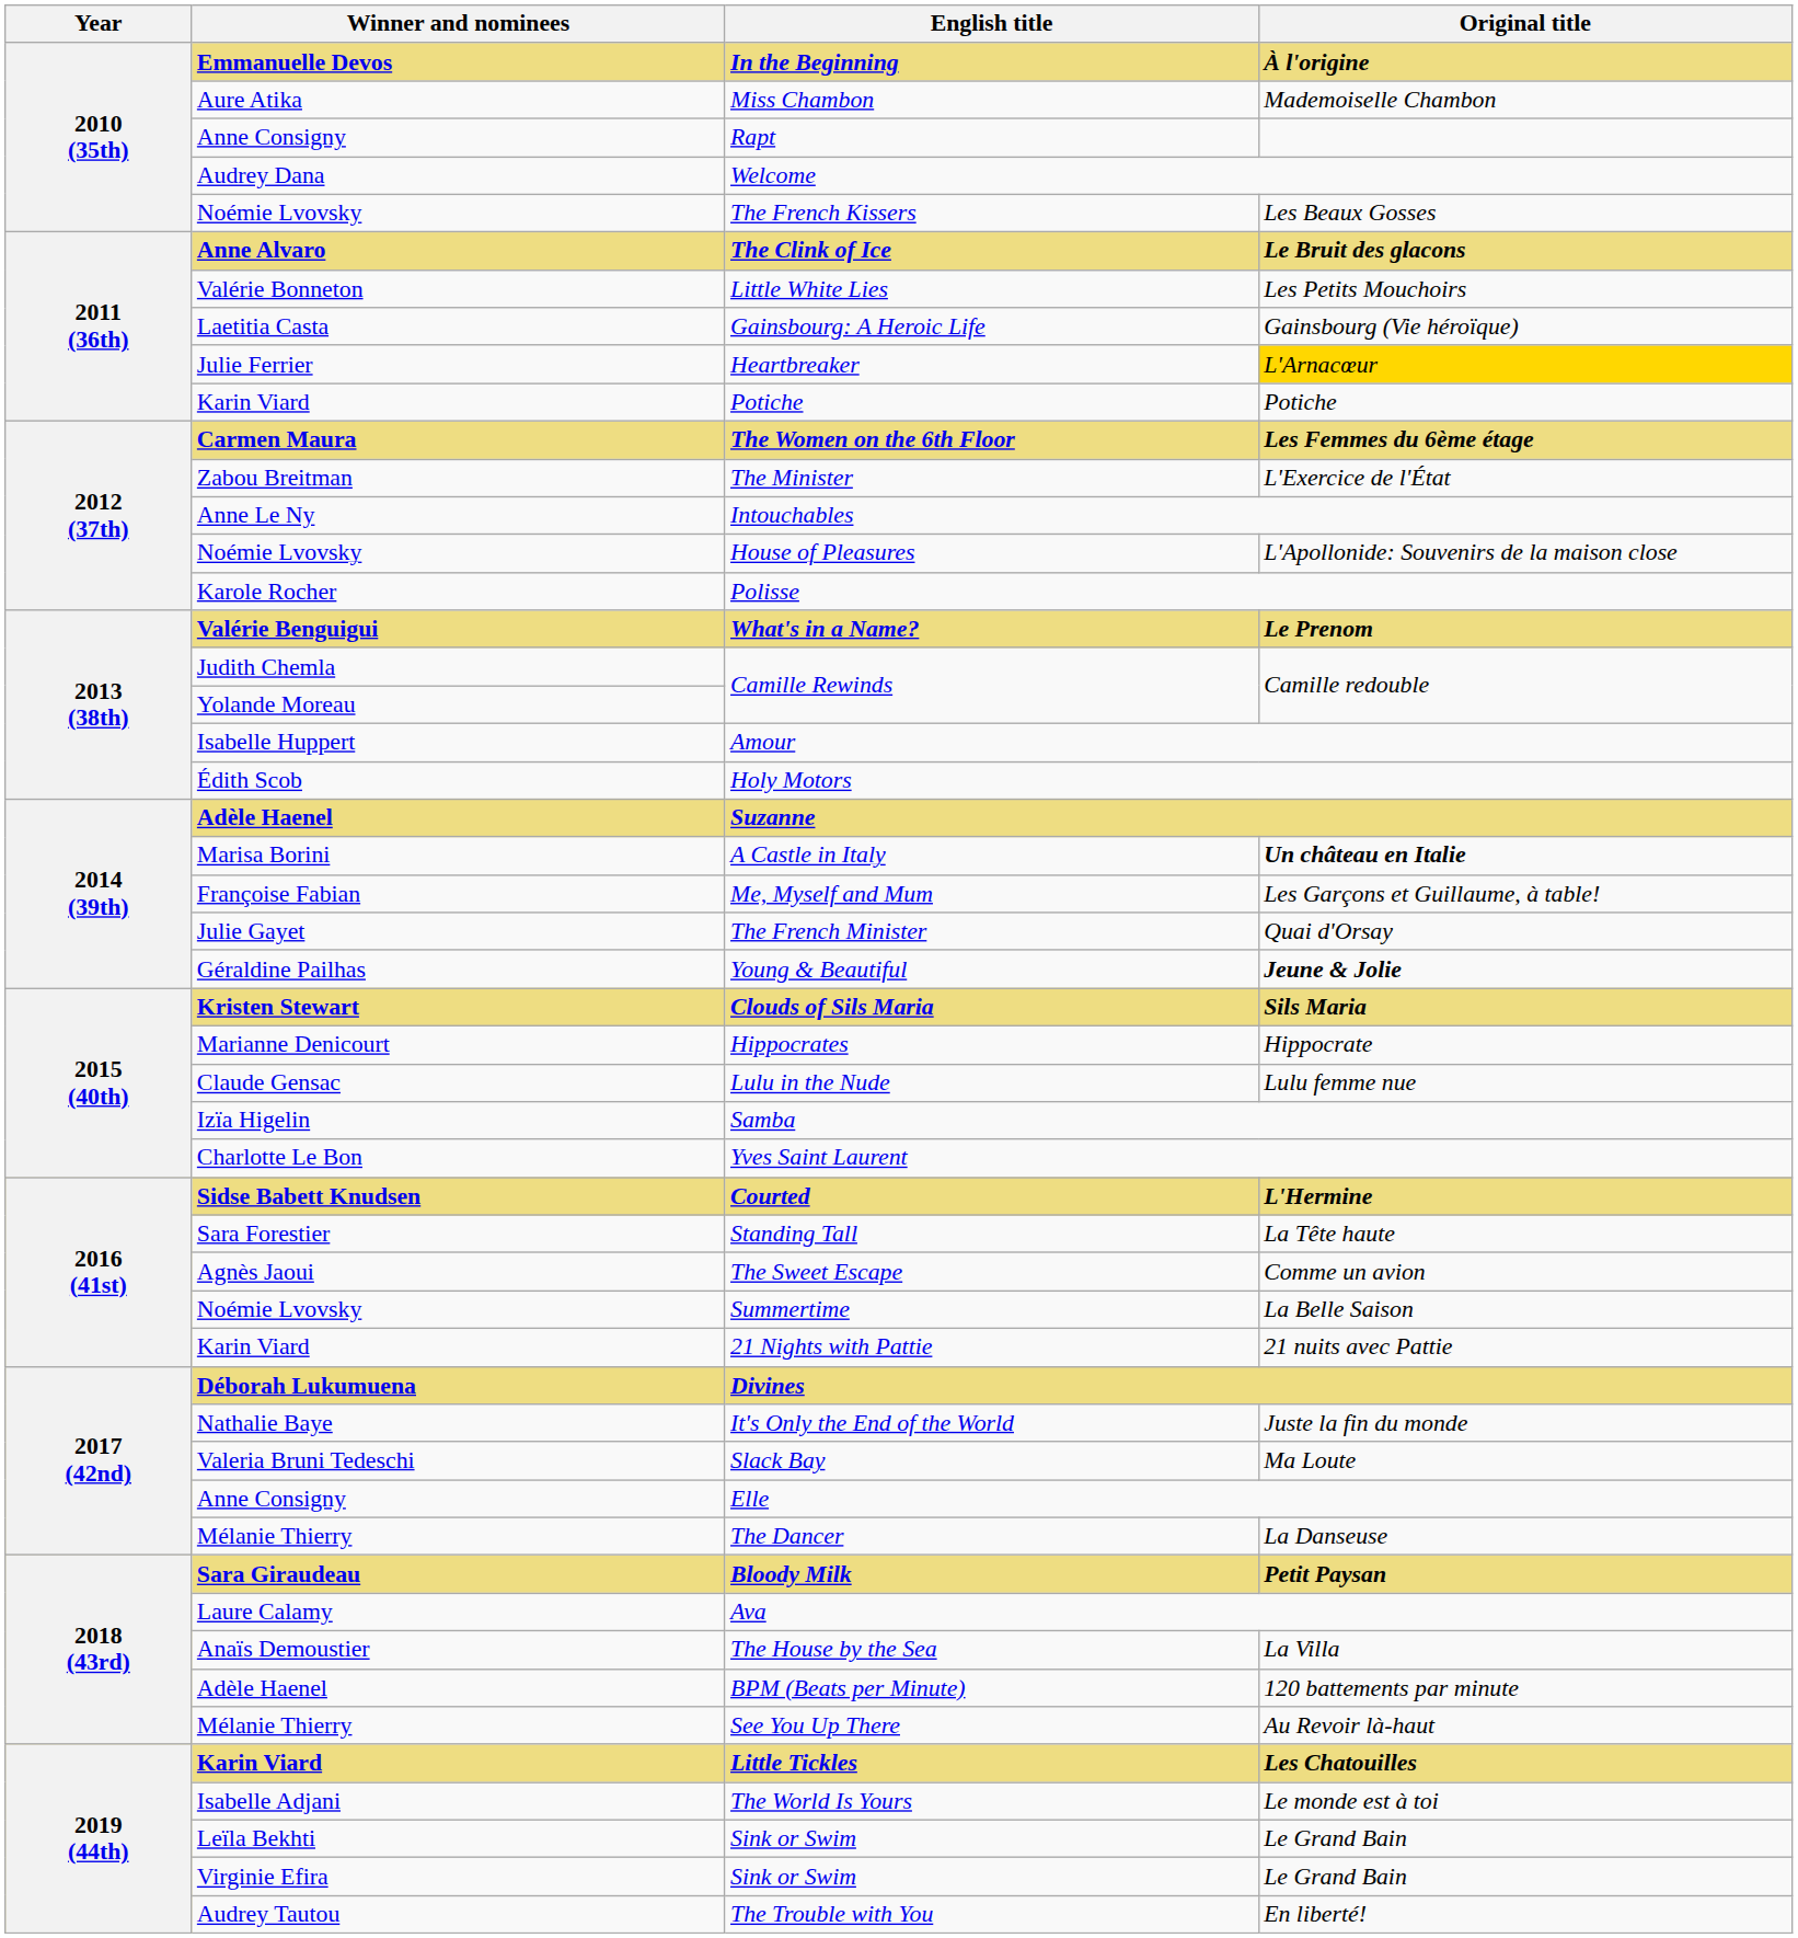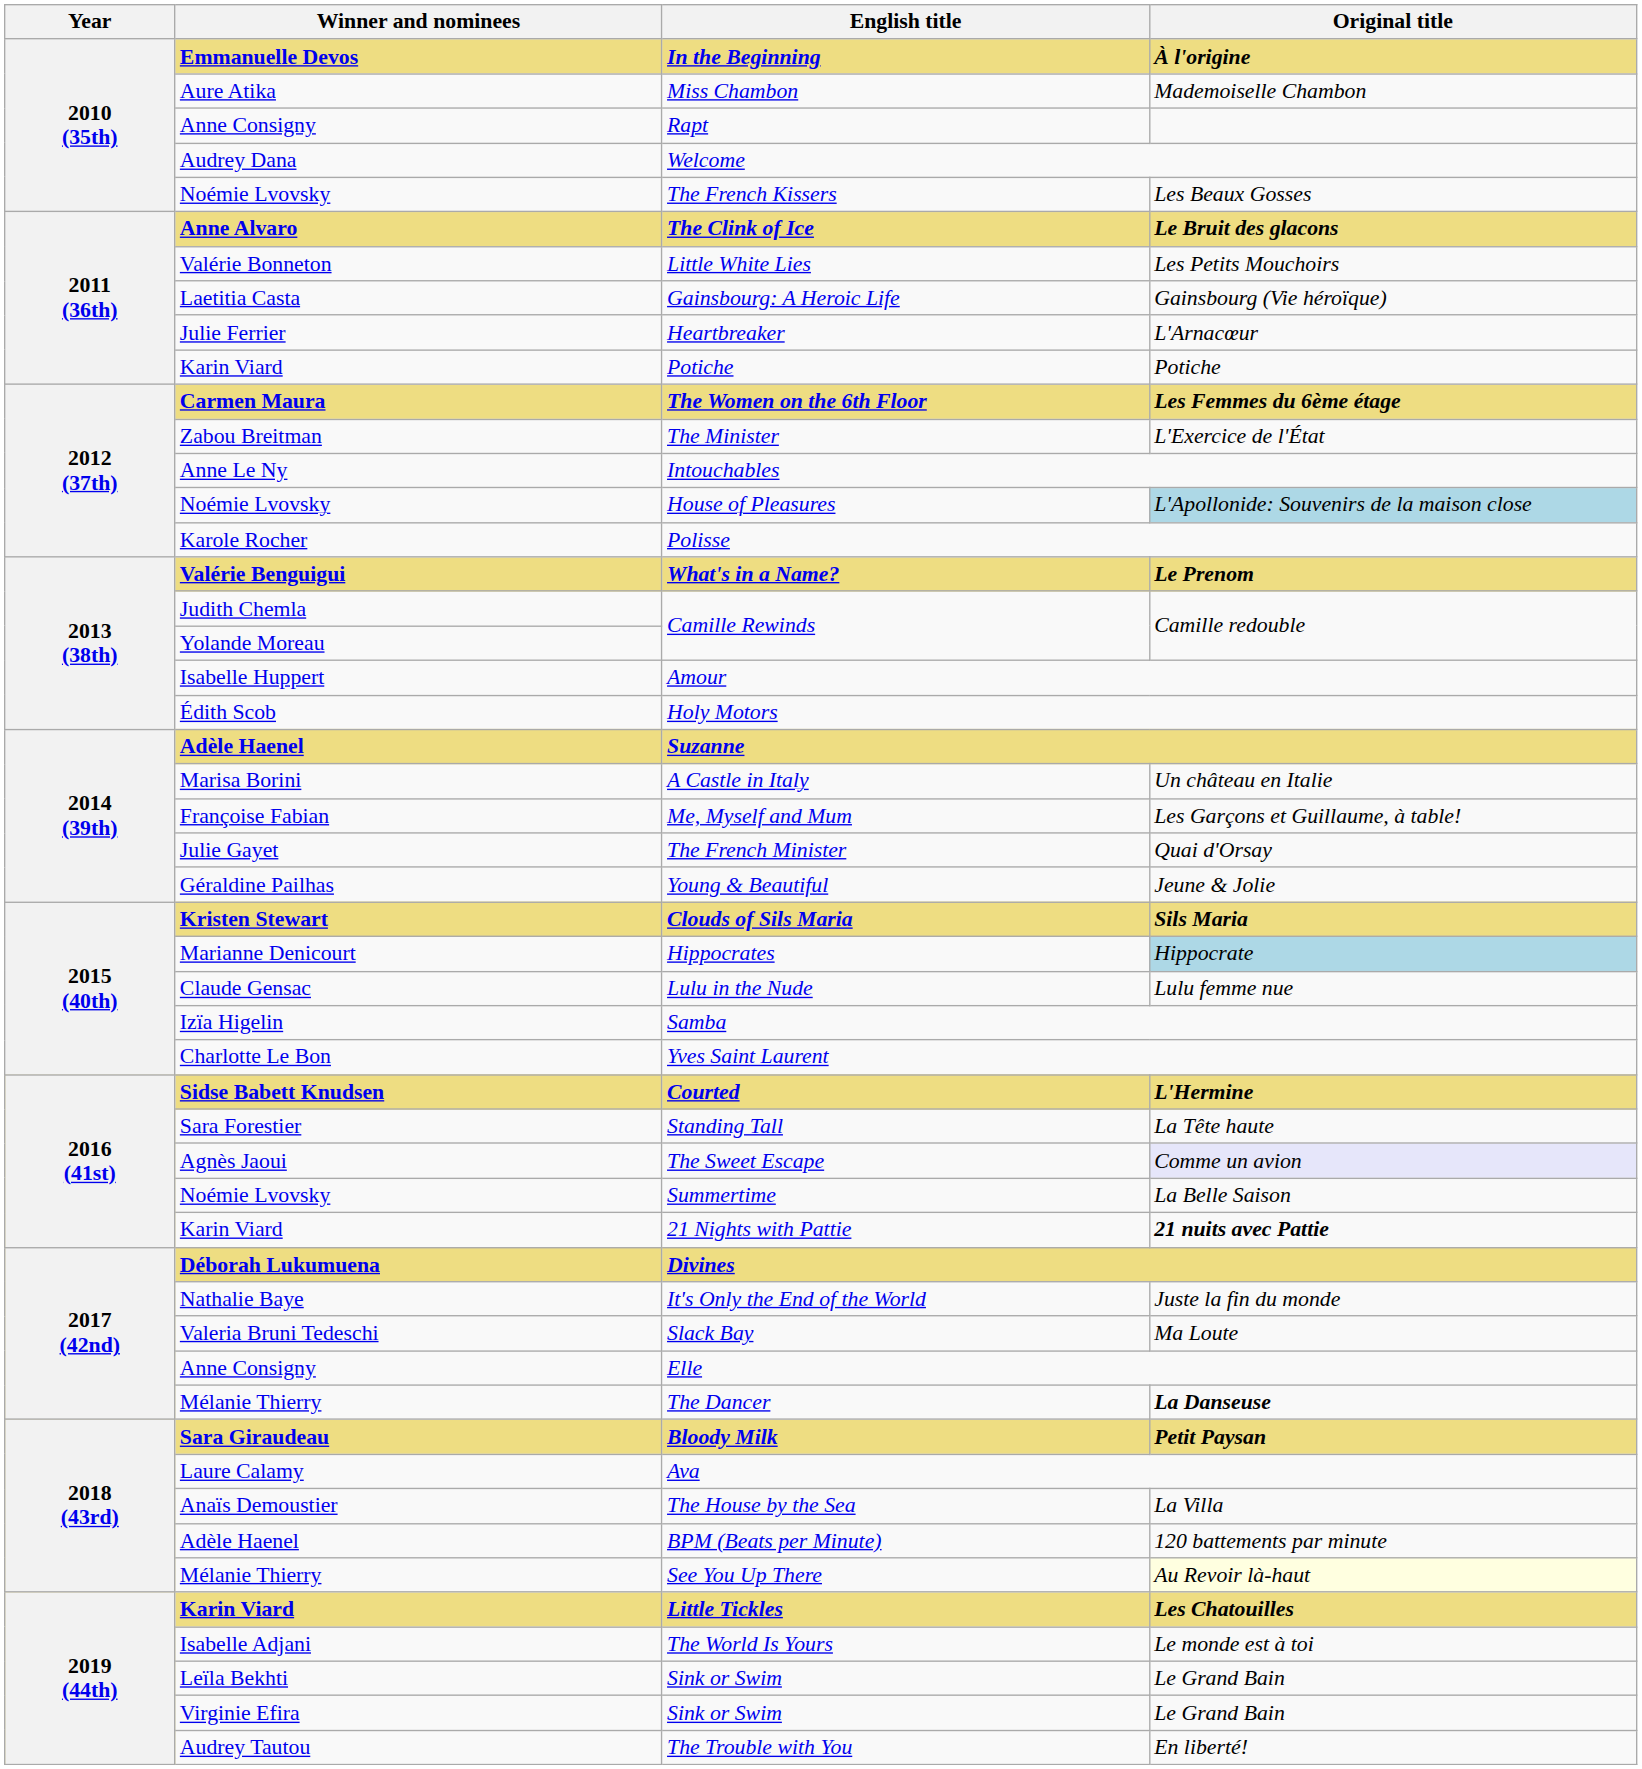 <table class="wikitable" width="95%" cellpadding="5">
 <tr>
 <th width="100">Year</th>
 <th width="300">Winner and nominees</th>
 <th width="300">English title</th>
 <th width="300">Original title</th>
 </tr>
 <tr>
 <th rowspan="5" style="text-align:center;">2010<br><a href='#'>(35th)</a></th>
 <td style="background:#eedd82;"><strong><a href='#'>Emmanuelle Devos</a></strong></td>
 <td style="background:#eedd82;"><em><a href='#'><strong>In the Beginning</strong></a></em></td>
 <td style="background:#eedd82;"><strong><em>À l'origine</em></strong></td>
 </tr>
 <tr>
 <td><a href='#'>Aure Atika</a></td>
 <td><em><a href='#'>Miss Chambon</a></em></td>
 <td><em>Mademoiselle Chambon</em></td>
 </tr>
 <tr>
 <td><a href='#'>Anne Consigny</a></td>
 <td><em><a href='#'>Rapt</a></em></td>
 <td></td>
 </tr>
 <tr>
 <td><a href='#'>Audrey Dana</a></td>
 <td colspan="2"><em><a href='#'>Welcome</a></em></td>
 </tr>
 <tr>
 <td><a href='#'>Noémie Lvovsky</a></td>
 <td><em><a href='#'>The French Kissers</a></em></td>
 <td><em>Les Beaux Gosses</em></td>
 </tr>
 <tr>
 <th rowspan="5" style="text-align:center;">2011<br><a href='#'>(36th)</a></th>
 <td style="background:#eedd82;"><strong><a href='#'>Anne Alvaro</a></strong></td>
 <td style="background:#eedd82;"><strong><em><a href='#'>The Clink of Ice</a></em></strong></td>
 <td style="background:#eedd82;"><strong><em>Le Bruit des glacons</em></strong></td>
 </tr>
 <tr>
 <td><a href='#'>Valérie Bonneton</a></td>
 <td><em><a href='#'>Little White Lies</a></em></td>
 <td><em>Les Petits Mouchoirs</em></td>
 </tr>
 <tr>
 <td><a href='#'>Laetitia Casta</a></td>
 <td><em><a href='#'>Gainsbourg: A Heroic Life</a></em></td>
 <td><em>Gainsbourg (Vie héroïque)</em></td>
 </tr>
 <tr>
 <td><a href='#'>Julie Ferrier</a></td>
 <td><em><a href='#'>Heartbreaker</a></em></td>
-<td style="background: gold;"><em>L'Arnacœur</em></td>
+<td><em>L'Arnacœur</em></td>
 </tr>
 <tr>
 <td><a href='#'>Karin Viard</a></td>
 <td><em><a href='#'>Potiche</a></em></td>
 <td><em>Potiche</em></td>
 </tr>
 <tr>
 <th rowspan="5" style="text-align:center;">2012<br><a href='#'>(37th)</a></th>
 <td style="background:#eedd82;"><strong><a href='#'>Carmen Maura</a></strong></td>
 <td style="background:#eedd82;"><strong><em><a href='#'>The Women on the 6th Floor</a></em></strong></td>
 <td style="background:#eedd82;"><strong><em>Les Femmes du 6ème étage</em></strong></td>
 </tr>
 <tr>
 <td><a href='#'>Zabou Breitman</a></td>
 <td><em><a href='#'>The Minister</a></em></td>
 <td><em>L'Exercice de l'État</em></td>
 </tr>
 <tr>
 <td><a href='#'>Anne Le Ny</a></td>
 <td colspan="2"><em><a href='#'>Intouchables</a></em></td>
 </tr>
 <tr>
 <td><a href='#'>Noémie Lvovsky</a></td>
 <td><em><a href='#'>House of Pleasures</a></em></td>
-<td><em>L'Apollonide: Souvenirs de la maison close</em></td>
+<td style="background: lightblue;"><em>L'Apollonide: Souvenirs de la maison close</em></td>
 </tr>
 <tr>
 <td><a href='#'>Karole Rocher</a></td>
 <td colspan="2"><em><a href='#'>Polisse</a></em></td>
 </tr>
 <tr>
 <th rowspan="5" style="text-align:center;">2013<br><a href='#'>(38th)</a></th>
 <td style="background:#eedd82;"><strong><a href='#'>Valérie Benguigui</a></strong></td>
 <td style="background:#eedd82;"><em><a href='#'><strong>What's in a Name?</strong></a></em></td>
 <td style="background:#eedd82;"><strong><em>Le Prenom</em></strong></td>
 </tr>
 <tr>
 <td><a href='#'>Judith Chemla</a></td>
 <td rowspan=2><em><a href='#'>Camille Rewinds</a></em></td>
 <td rowspan=2><em>Camille redouble</em></td>
 </tr>
 <tr>
 <td><a href='#'>Yolande Moreau</a></td>
 </tr>
 <tr>
 <td><a href='#'>Isabelle Huppert</a></td>
 <td colspan=2><em><a href='#'>Amour</a></em></td>
 </tr>
 <tr>
 <td><a href='#'>Édith Scob</a></td>
 <td colspan=2><em><a href='#'>Holy Motors</a></em></td>
 </tr>
 <tr>
 <th rowspan="5" style="text-align:center;">2014<br><a href='#'>(39th)</a></th>
 <td style="background:#eedd82;"><strong><a href='#'>Adèle Haenel</a></strong></td>
 <td colspan="2" style="background:#eedd82;"><em><a href='#'><strong>Suzanne</strong></a></em></td>
 </tr>
 <tr>
 <td><a href='#'>Marisa Borini</a></td>
 <td><em><a href='#'>A Castle in Italy</a></em></td>
-<td><strong><em>Un château en Italie</em></strong></td>
+<td><em>Un château en Italie</em></td>
 </tr>
 <tr>
 <td><a href='#'>Françoise Fabian</a></td>
 <td><em><a href='#'>Me, Myself and Mum</a></em></td>
 <td><em>Les Garçons et Guillaume, à table!</em></td>
 </tr>
 <tr>
 <td><a href='#'>Julie Gayet</a></td>
 <td><em><a href='#'>The French Minister</a></em></td>
 <td><em>Quai d'Orsay</em></td>
 </tr>
 <tr>
 <td><a href='#'>Géraldine Pailhas</a></td>
 <td><em><a href='#'>Young & Beautiful</a></em></td>
-<td><strong><em>Jeune & Jolie</em></strong></td>
+<td><em>Jeune & Jolie</em></td>
 </tr>
 <tr>
 <th rowspan="5" style="text-align:center;">2015<br><a href='#'>(40th)</a></th>
 <td style="background:#eedd82;"><strong><a href='#'>Kristen Stewart</a></strong></td>
 <td style="background:#eedd82;"><strong><em><a href='#'>Clouds of Sils Maria</a></em></strong></td>
 <td style="background:#eedd82;"><strong><em>Sils Maria</em></strong></td>
 </tr>
 <tr>
 <td><a href='#'>Marianne Denicourt</a></td>
 <td><em><a href='#'>Hippocrates</a></em></td>
-<td><em>Hippocrate</em></td>
+<td style="background: lightblue;"><em>Hippocrate</em></td>
 </tr>
 <tr>
 <td><a href='#'>Claude Gensac</a></td>
 <td><em><a href='#'>Lulu in the Nude</a></em></td>
 <td><em>Lulu femme nue</em></td>
 </tr>
 <tr>
 <td><a href='#'>Izïa Higelin</a></td>
 <td colspan=2><em><a href='#'>Samba</a></em></td>
 </tr>
 <tr>
 <td><a href='#'>Charlotte Le Bon</a></td>
 <td colspan=2><em><a href='#'>Yves Saint Laurent</a></em></td>
 </tr>
 <tr style="background:#eedd82;">
 <th rowspan="5">2016<br><a href='#'>(41st)</a></th>
 <td><strong><a href='#'>Sidse Babett Knudsen</a></strong></td>
 <td><em><a href='#'><strong>Courted</strong></a></em></td>
 <td><strong><em>L'Hermine</em></strong></td>
 </tr>
 <tr>
 <td><a href='#'>Sara Forestier</a></td>
 <td><em><a href='#'>Standing Tall</a></em></td>
 <td><em>La Tête haute</em></td>
 </tr>
 <tr>
 <td><a href='#'>Agnès Jaoui</a></td>
 <td><em><a href='#'>The Sweet Escape</a></em></td>
-<td><em>Comme un avion</em></td>
+<td style="background: lavender;"><em>Comme un avion</em></td>
 </tr>
 <tr>
 <td><a href='#'>Noémie Lvovsky</a></td>
 <td><em><a href='#'>Summertime</a></em></td>
 <td><em>La Belle Saison</em></td>
 </tr>
 <tr>
 <td><a href='#'>Karin Viard</a></td>
 <td><em><a href='#'>21 Nights with Pattie</a></em></td>
-<td><em>21 nuits avec Pattie</em></td>
+<td><strong><em>21 nuits avec Pattie</em></strong></td>
 </tr>
 <tr style="background:#eedd82;">
 <th rowspan="5">2017<br><a href='#'>(42nd)</a></th>
 <td><strong><a href='#'>Déborah Lukumuena</a></strong></td>
 <td colspan="2"><em><a href='#'><strong>Divines</strong></a></em></td>
 </tr>
 <tr>
 <td><a href='#'>Nathalie Baye</a></td>
 <td><em><a href='#'>It's Only the End of the World</a></em></td>
 <td><em>Juste la fin du monde</em></td>
 </tr>
 <tr>
 <td><a href='#'>Valeria Bruni Tedeschi</a></td>
 <td><em><a href='#'>Slack Bay</a></em></td>
 <td><em>Ma Loute</em></td>
 </tr>
 <tr>
 <td><a href='#'>Anne Consigny</a></td>
 <td colspan=2><em><a href='#'>Elle</a></em></td>
 </tr>
 <tr>
 <td><a href='#'>Mélanie Thierry</a></td>
 <td><em><a href='#'>The Dancer</a></em></td>
-<td><em>La Danseuse</em></td>
+<td><strong><em>La Danseuse</em></strong></td>
 </tr>
 <tr style="background:#eedd82;">
 <th rowspan="5">2018<br><a href='#'>(43rd)</a></th>
 <td><strong><a href='#'>Sara Giraudeau</a></strong></td>
 <td><strong><em><a href='#'>Bloody Milk</a></em></strong></td>
 <td><strong><em>Petit Paysan</em></strong></td>
 </tr>
 <tr>
 <td><a href='#'>Laure Calamy</a></td>
 <td colspan=2><em><a href='#'>Ava</a></em></td>
 </tr>
 <tr>
 <td><a href='#'>Anaïs Demoustier</a></td>
 <td><em><a href='#'>The House by the Sea</a></em></td>
 <td><em>La Villa</em></td>
 </tr>
 <tr>
 <td><a href='#'>Adèle Haenel</a></td>
 <td><em><a href='#'>BPM (Beats per Minute)</a></em></td>
 <td><em>120 battements par minute</em></td>
 </tr>
 <tr>
 <td><a href='#'>Mélanie Thierry</a></td>
 <td><em><a href='#'>See You Up There</a></em></td>
-<td><em>Au Revoir là-haut</em></td>
+<td style="background: lightyellow;"><em>Au Revoir là-haut</em></td>
 </tr>
 <tr style="background:#eedd82;">
 <th rowspan="5">2019 <br><a href='#'>(44th)</a></th>
 <td><strong><a href='#'>Karin Viard</a></strong></td>
 <td><strong><em><a href='#'>Little Tickles</a></em></strong></td>
 <td><strong><em>Les Chatouilles</em></strong></td>
 </tr>
 <tr>
 <td><a href='#'>Isabelle Adjani</a></td>
 <td><em><a href='#'>The World Is Yours</a></em></td>
 <td><em>Le monde est à toi</em></td>
 </tr>
 <tr>
 <td><a href='#'>Leïla Bekhti</a></td>
 <td><em><a href='#'>Sink or Swim</a></em></td>
 <td><em>Le Grand Bain</em></td>
 </tr>
 <tr>
 <td><a href='#'>Virginie Efira</a></td>
 <td><em><a href='#'>Sink or Swim</a></em></td>
 <td><em>Le Grand Bain</em></td>
 </tr>
 <tr>
 <td><a href='#'>Audrey Tautou</a></td>
 <td><em><a href='#'>The Trouble with You</a></em></td>
 <td><em>En liberté!</em></td>
 </tr>
 </table>
